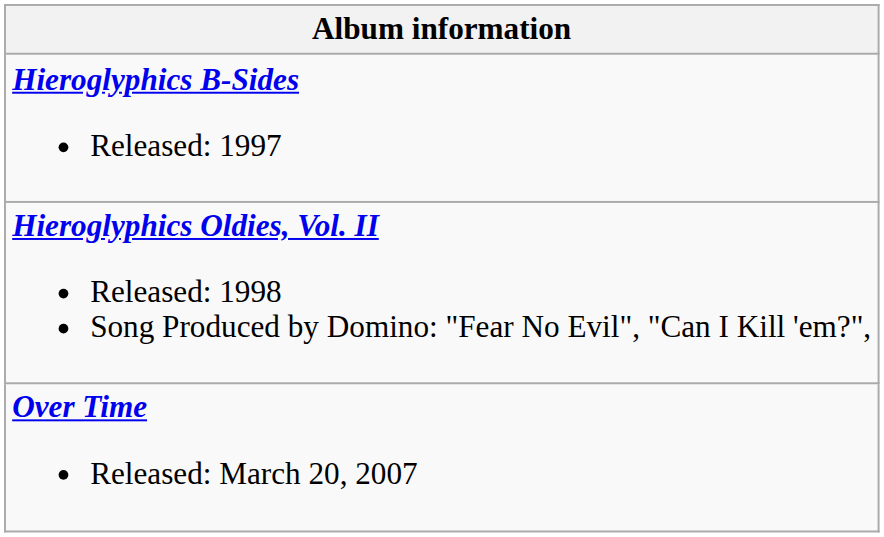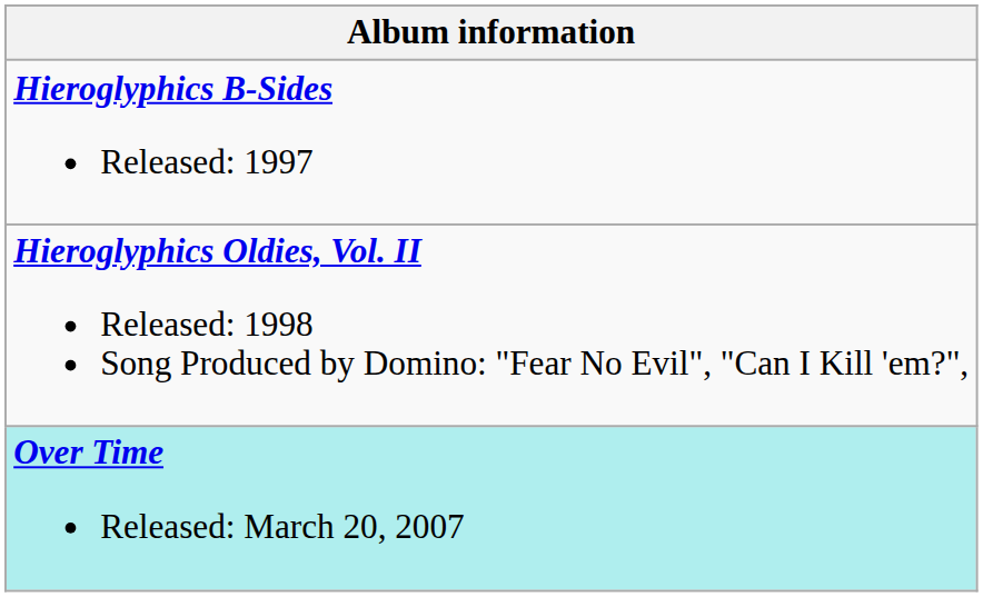 <table class="wikitable">
 <tr>
 <th align="left">Album information</th>
 </tr>
 <tr>
 <td align="left"><strong><em><a href='#'>Hieroglyphics B-Sides</a></em></strong><br><ul><li>Released: 1997</li></ul></td>
 </tr>
 <tr>
 <td align="left"><strong><em><a href='#'>Hieroglyphics Oldies, Vol. II</a></em></strong><br><ul><li>Released: 1998</li><li>Song Produced by Domino:  "Fear No Evil", "Can I Kill 'em?",</li></ul></td>
 </tr>
 <tr>
-<td align="left"><strong><em><a href='#'>Over Time</a></em></strong><br><ul><li>Released: March 20, 2007</li></ul></td>
+<td align="left" style="background: paleturquoise;"><strong><em><a href='#'>Over Time</a></em></strong><br><ul><li>Released: March 20, 2007</li></ul></td>
 </tr>
 </table>
